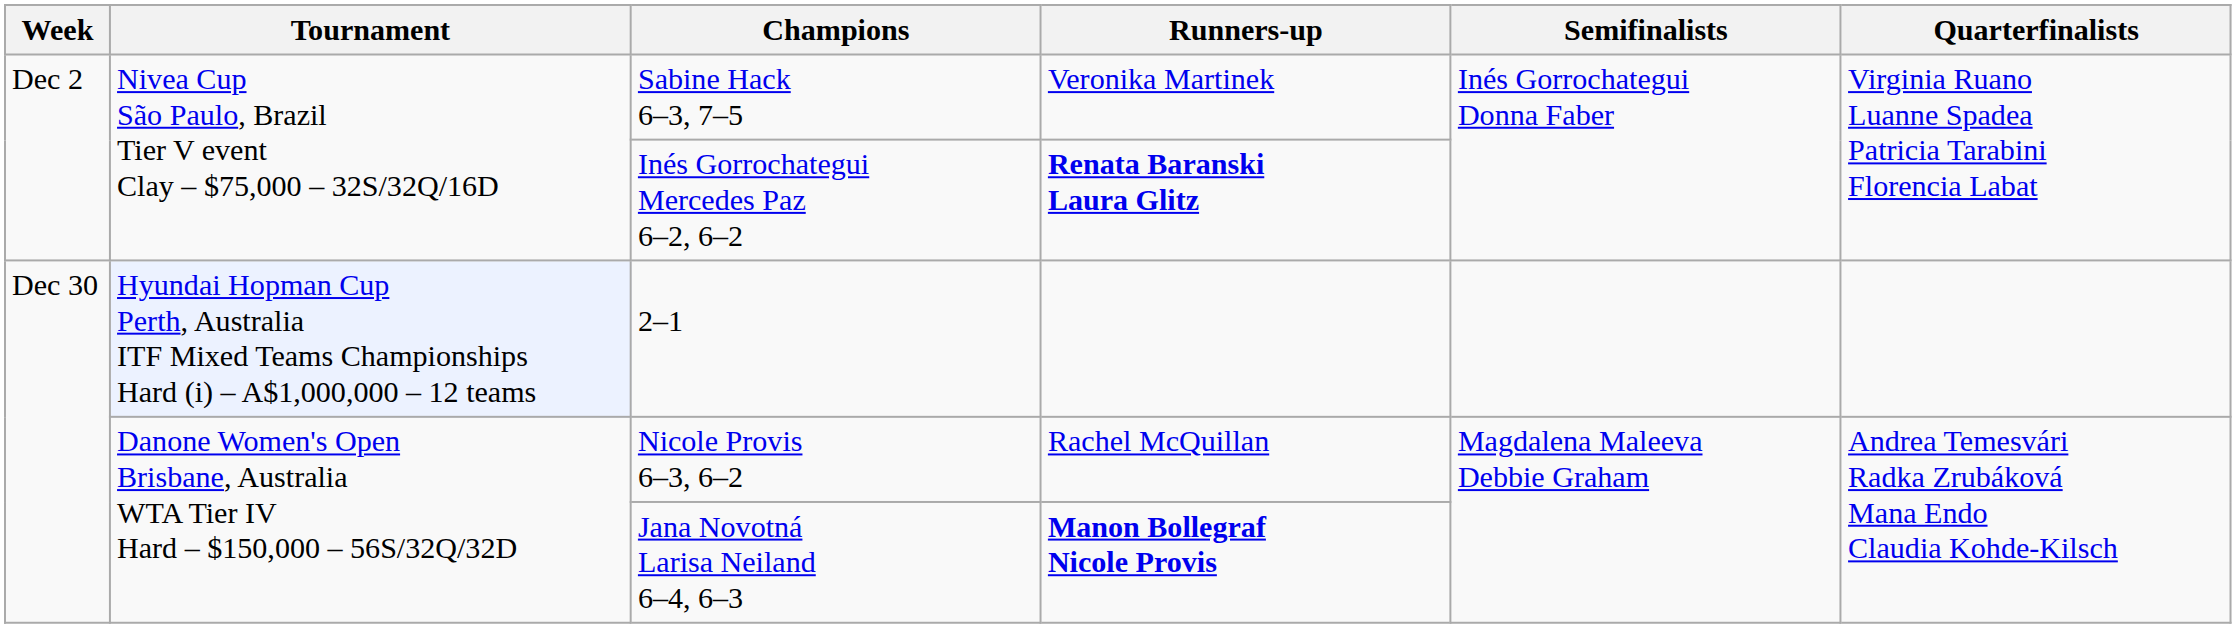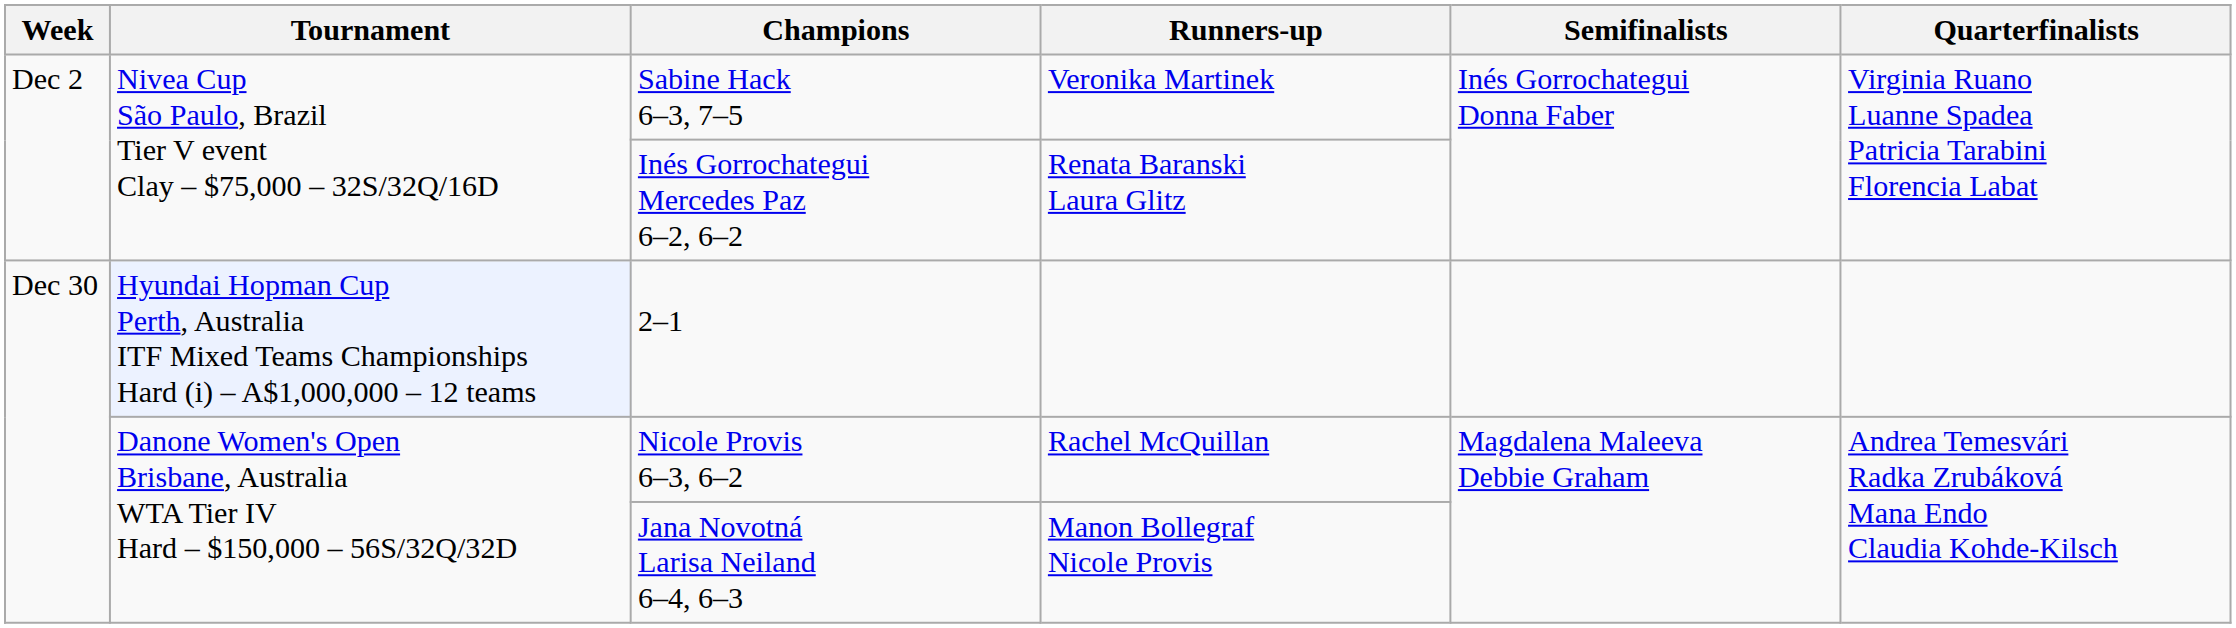 <table class=wikitable style=font-size:95%>
 <tr>
 <th style="width:46px;">Week</th>
 <th style="width:256px;">Tournament</th>
 <th style="width:200px;">Champions</th>
 <th style="width:200px;">Runners-up</th>
 <th style="width:190px;">Semifinalists</th>
 <th style="width:190px;">Quarterfinalists</th>
 </tr>
 <tr valign=top>
 <td rowspan=2>Dec 2</td>
 <td rowspan="2"><a href='#'>Nivea Cup</a><br> <a href='#'>São Paulo</a>, Brazil<br>Tier V event <br> Clay – $75,000 – 32S/32Q/16D</td>
 <td> <a href='#'>Sabine Hack</a><br>6–3, 7–5</td>
 <td> <a href='#'>Veronika Martinek</a></td>
 <td rowspan=2> <a href='#'>Inés Gorrochategui</a> <br>  <a href='#'>Donna Faber</a></td>
 <td rowspan=2> <a href='#'>Virginia Ruano</a> <br>  <a href='#'>Luanne Spadea</a> <br>  <a href='#'>Patricia Tarabini</a> <br>  <a href='#'>Florencia Labat</a></td>
 </tr>
 <tr valign=top>
 <td> <a href='#'>Inés Gorrochategui</a><br> <a href='#'>Mercedes Paz</a><br>6–2, 6–2</td>
-<td><strong> <a href='#'>Renata Baranski</a><br> <a href='#'>Laura Glitz</a></strong></td>
+<td> <a href='#'>Renata Baranski</a><br> <a href='#'>Laura Glitz</a></td>
 </tr>
 <tr valign=top>
 <td rowspan=3>Dec 30</td>
 <td bgcolor=ECF2FF><a href='#'>Hyundai Hopman Cup</a><br> <a href='#'>Perth</a>, Australia<br>ITF Mixed Teams Championships<br>Hard (i) – A$1,000,000 – 12 teams</td>
 <td><br>2–1</td>
 <td></td>
 <td><br></td>
 <td><br><br><br></td>
 </tr>
 <tr valign=top>
 <td rowspan="2"><a href='#'>Danone Women's Open</a><br><a href='#'>Brisbane</a>, Australia<br>WTA Tier IV<br>Hard – $150,000 – 56S/32Q/32D</td>
 <td> <a href='#'>Nicole Provis</a><br>6–3, 6–2</td>
 <td> <a href='#'>Rachel McQuillan</a></td>
 <td rowspan=2> <a href='#'>Magdalena Maleeva</a> <br>  <a href='#'>Debbie Graham</a></td>
 <td rowspan=2> <a href='#'>Andrea Temesvári</a> <br>  <a href='#'>Radka Zrubáková</a> <br>  <a href='#'>Mana Endo</a> <br>  <a href='#'>Claudia Kohde-Kilsch</a></td>
 </tr>
 <tr valign=top>
 <td> <a href='#'>Jana Novotná</a><br> <a href='#'>Larisa Neiland</a><br>6–4, 6–3</td>
-<td><strong> <a href='#'>Manon Bollegraf</a><br> <a href='#'>Nicole Provis</a></strong></td>
+<td> <a href='#'>Manon Bollegraf</a><br> <a href='#'>Nicole Provis</a></td>
 </tr>
 </table>
